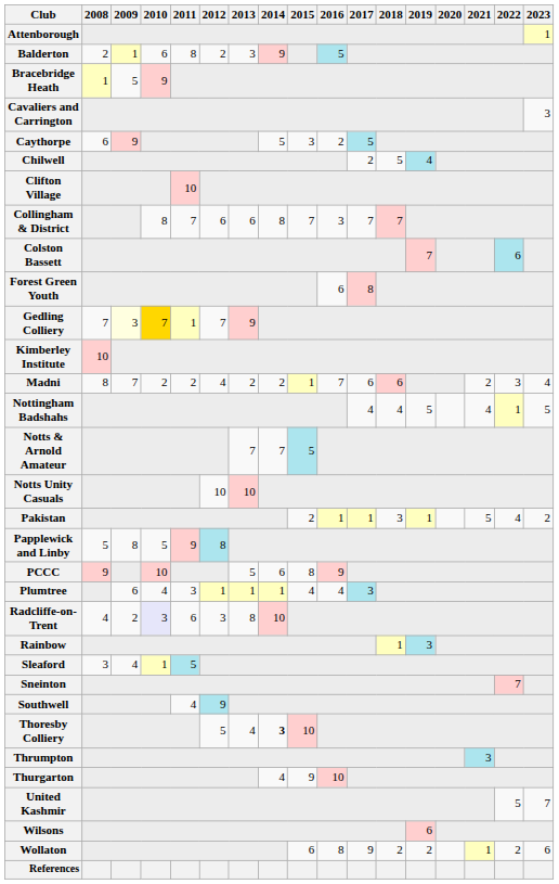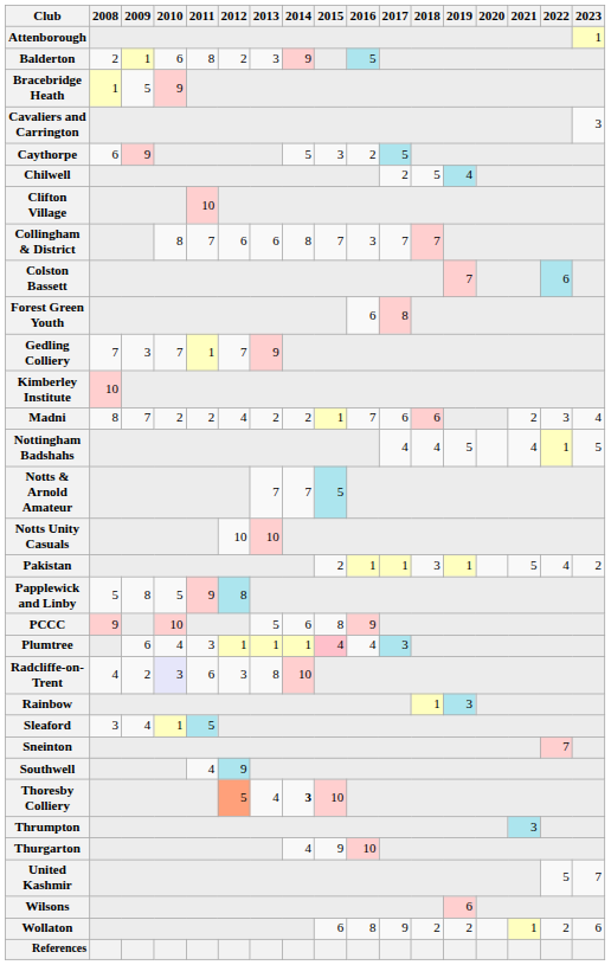 <table class="wikitable plainrowheaders" style="font-size:85%; text-align: right;">
 <tr>
 <th scope="col">Club</th>
 <th scope="col">2008</th>
 <th scope="col">2009</th>
 <th scope="col">2010</th>
 <th scope="col">2011</th>
 <th scope="col">2012</th>
 <th scope="col">2013</th>
 <th scope="col">2014</th>
 <th scope="col">2015</th>
 <th scope="col">2016</th>
 <th scope="col">2017</th>
 <th scope="col">2018</th>
 <th scope="col">2019</th>
 <th scope="col">2020</th>
 <th scope="col">2021</th>
 <th scope="col">2022</th>
 <th scope="col">2023</th>
 </tr>
 <tr>
 <th scope="row">Attenborough</th>
 <td bgcolor="#ececec" colspan="15"></td>
 <td bgcolor="#ffffbf">1</td>
 </tr>
 <tr>
 <th scope="row">Balderton</th>
 <td>2</td>
 <td bgcolor="#ffffbf">1</td>
 <td>6</td>
 <td>8</td>
 <td>2</td>
 <td>3</td>
 <td bgcolor="#ffcfcf">9</td>
 <td bgcolor="#ececec"></td>
 <td bgcolor="#ace5ee">5</td>
 <td bgcolor="#ececec" colspan="7"></td>
 </tr>
 <tr>
 <th scope="row">Bracebridge Heath</th>
 <td bgcolor="#ffffbf">1</td>
 <td>5</td>
 <td bgcolor="#ffcfcf">9</td>
 <td bgcolor="#ececec" colspan="13"></td>
 </tr>
 <tr>
 <th scope="row">Cavaliers and Carrington</th>
 <td bgcolor="#ececec" colspan="15"></td>
 <td>3</td>
 </tr>
 <tr>
 <th scope="row">Caythorpe</th>
 <td>6</td>
 <td bgcolor="#ffcfcf">9</td>
 <td bgcolor="#ececec" colspan="4"></td>
 <td>5</td>
 <td>3</td>
 <td>2</td>
 <td bgcolor="#ace5ee">5</td>
 <td bgcolor="#ececec" colspan="6"></td>
 </tr>
 <tr>
 <th scope="row">Chilwell</th>
 <td bgcolor="#ececec" colspan="9"></td>
 <td>2</td>
 <td>5</td>
 <td bgcolor="#ace5ee">4</td>
 <td bgcolor="#ececec" colspan="4"></td>
 </tr>
 <tr>
 <th scope="row">Clifton Village</th>
 <td bgcolor="#ececec" colspan="3"></td>
 <td bgcolor="#ffcfcf">10</td>
 <td bgcolor="#ececec" colspan="12"></td>
 </tr>
 <tr>
 <th scope="row">Collingham & District</th>
 <td bgcolor="#ececec" colspan="2"></td>
 <td>8</td>
 <td>7</td>
 <td>6</td>
 <td>6</td>
 <td>8</td>
 <td>7</td>
 <td>3</td>
 <td>7</td>
 <td bgcolor="#ffcfcf">7</td>
 <td bgcolor="#ececec" colspan="5"></td>
 </tr>
 <tr>
 <th scope="row">Colston Bassett</th>
 <td bgcolor="#ececec" colspan="11"></td>
 <td bgcolor="#ffcfcf">7</td>
 <td bgcolor="#ececec" colspan="2"></td>
 <td bgcolor="#ace5ee">6</td>
 <td bgcolor="#ececec" colspan="1"></td>
 </tr>
 <tr>
 <th scope="row">Forest Green Youth</th>
 <td bgcolor="#ececec" colspan="8"></td>
 <td>6</td>
 <td bgcolor="#ffcfcf">8</td>
 <td bgcolor="#ececec" colspan="6"></td>
 </tr>
 <tr>
 <th scope="row">Gedling Colliery</th>
 <td>7</td>
-<td style="background: lightyellow;">3</td>
-<td style="background: gold;">7</td>
+<td>3</td>
+<td>7</td>
 <td bgcolor="#ffffbf">1</td>
 <td>7</td>
 <td bgcolor="#ffcfcf">9</td>
 <td bgcolor="#ececec" colspan="10"></td>
 </tr>
 <tr>
 <th scope="row">Kimberley Institute</th>
 <td bgcolor="#ffcfcf">10</td>
 <td bgcolor="#ececec" colspan="15"></td>
 </tr>
 <tr>
 <th scope="row">Madni</th>
 <td>8</td>
 <td>7</td>
 <td>2</td>
 <td>2</td>
 <td>4</td>
 <td>2</td>
 <td>2</td>
 <td bgcolor="#ffffbf">1</td>
 <td>7</td>
 <td>6</td>
 <td bgcolor="#ffcfcf">6</td>
 <td bgcolor="#ececec" colspan="2"></td>
 <td>2</td>
 <td>3</td>
 <td>4</td>
 </tr>
 <tr>
 <th scope="row">Nottingham Badshahs</th>
 <td bgcolor="#ececec" colspan="9"></td>
 <td>4</td>
 <td>4</td>
 <td>5</td>
 <td></td>
 <td>4</td>
 <td bgcolor="#ffffbf">1</td>
 <td>5</td>
 </tr>
 <tr>
 <th scope="row">Notts & Arnold Amateur</th>
 <td bgcolor="#ececec" colspan="5"></td>
 <td>7</td>
 <td>7</td>
 <td bgcolor="#ace5ee">5</td>
 <td bgcolor="#ececec" colspan="8"></td>
 </tr>
 <tr>
 <th scope="row">Notts Unity Casuals</th>
 <td bgcolor="#ececec" colspan="4"></td>
 <td>10</td>
 <td bgcolor="#ffcfcf">10</td>
 <td bgcolor="#ececec" colspan="10"></td>
 </tr>
 <tr>
 <th scope="row">Pakistan</th>
 <td bgcolor="#ececec" colspan="7"></td>
 <td>2</td>
 <td bgcolor="#ffffbf">1</td>
 <td bgcolor="#ffffbf">1</td>
 <td>3</td>
 <td bgcolor="#ffffbf">1</td>
 <td></td>
 <td>5</td>
 <td>4</td>
 <td>2</td>
 </tr>
 <tr>
 <th scope="row">Papplewick and Linby</th>
 <td>5</td>
 <td>8</td>
 <td>5</td>
 <td bgcolor="#ffcfcf">9</td>
 <td bgcolor="#ace5ee">8</td>
 <td bgcolor="#ececec" colspan="11"></td>
 </tr>
 <tr>
 <th scope="row">PCCC</th>
 <td bgcolor="#ffcfcf">9</td>
 <td bgcolor="#ececec"></td>
 <td bgcolor="#ffcfcf">10</td>
 <td bgcolor="#ececec" colspan="2"></td>
 <td>5</td>
 <td>6</td>
 <td>8</td>
 <td bgcolor="#ffcfcf">9</td>
 <td bgcolor="#ececec" colspan="7"></td>
 </tr>
 <tr>
 <th scope="row">Plumtree</th>
 <td bgcolor="#ececec"></td>
 <td>6</td>
 <td>4</td>
 <td>3</td>
 <td bgcolor="#ffffbf">1</td>
 <td bgcolor="#ffffbf">1</td>
 <td bgcolor="#ffffbf">1</td>
-<td>4</td>
+<td style="background: pink;">4</td>
 <td>4</td>
 <td bgcolor="#ace5ee">3</td>
 <td bgcolor="#ececec" colspan="6"></td>
 </tr>
 <tr>
 <th scope="row">Radcliffe-on-Trent</th>
 <td>4</td>
 <td>2</td>
 <td style="background: lavender;">3</td>
 <td>6</td>
 <td>3</td>
 <td>8</td>
 <td bgcolor="#ffcfcf">10</td>
 <td bgcolor="#ececec" colspan="9"></td>
 </tr>
 <tr>
 <th scope="row">Rainbow</th>
 <td bgcolor="#ececec" colspan="10"></td>
 <td bgcolor="#ffffbf">1</td>
 <td bgcolor="#ace5ee">3</td>
 <td bgcolor="#ececec" colspan="4"></td>
 </tr>
 <tr>
 <th scope="row">Sleaford</th>
 <td>3</td>
 <td>4</td>
 <td bgcolor="#ffffbf">1</td>
 <td bgcolor="#ace5ee">5</td>
 <td bgcolor="#ececec" colspan="12"></td>
 </tr>
 <tr>
 <th scope="row">Sneinton</th>
 <td bgcolor="#ececec" colspan="14"></td>
 <td bgcolor="#ffcfcf">7</td>
 <td bgcolor="#ececec" colspan="1"></td>
 </tr>
 <tr>
 <th scope="row">Southwell</th>
 <td bgcolor="#ececec" colspan="3"></td>
 <td>4</td>
 <td bgcolor="#ace5ee">9</td>
 <td bgcolor="#ececec" colspan="11"></td>
 </tr>
 <tr>
 <th scope="row">Thoresby Colliery</th>
 <td bgcolor="#ececec" colspan="4"></td>
-<td>5</td>
+<td style="background: lightsalmon;">5</td>
 <td>4</td>
 <td><strong>3</strong></td>
 <td bgcolor="#ffcfcf">10</td>
 <td bgcolor="#ececec" colspan="8"></td>
 </tr>
 <tr>
 <th scope="row">Thrumpton</th>
 <td bgcolor="#ececec" colspan="13"></td>
 <td bgcolor="#ace5ee">3</td>
 <td bgcolor="#ececec" colspan="2"></td>
 </tr>
 <tr>
 <th scope="row">Thurgarton</th>
 <td bgcolor="#ececec" colspan="6"></td>
 <td>4</td>
 <td>9</td>
 <td bgcolor="#ffcfcf">10</td>
 <td bgcolor="#ececec" colspan="7"></td>
 </tr>
 <tr>
 <th scope="row">United Kashmir</th>
 <td bgcolor="#ececec" colspan="14"></td>
 <td>5</td>
 <td>7</td>
 </tr>
 <tr>
 <th scope="row">Wilsons</th>
 <td bgcolor="#ececec" colspan="11"></td>
 <td bgcolor="#ffcfcf">6</td>
 <td bgcolor="#ececec" colspan="4"></td>
 </tr>
 <tr>
 <th scope="row">Wollaton</th>
 <td bgcolor="#ececec" colspan="7"></td>
 <td>6</td>
 <td>8</td>
 <td>9</td>
 <td>2</td>
 <td>2</td>
 <td></td>
 <td bgcolor="#ffffbf">1</td>
 <td>2</td>
 <td>6</td>
 </tr>
 <tr style="font-size:90%; text-align:center">
 <th scope="row" style="text-align: right">References</th>
 <th scope="col"></th>
 <th scope="col"></th>
 <th scope="col"></th>
 <th scope="col"></th>
 <th scope="col"></th>
 <th scope="col"></th>
 <th scope="col"></th>
 <th scope="col"></th>
 <th scope="col"></th>
 <th scope="col"></th>
 <th scope="col"></th>
 <th scope="col"></th>
 <th scope="col"></th>
 <th scope="col"></th>
 <th scope="col"></th>
 <th scope="col"></th>
 </tr>
 </table>
